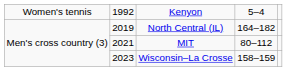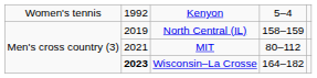 <table class="wikitable" style="border: 2px solid #">
 <tr align="center">
 <td>Women's tennis</td>
 <td>1992</td>
 <td><a href='#'>Kenyon</a></td>
 <td>5–4</td>
 <td></td>
 </tr>
 <tr align="center">
 <td rowspan="3">Men's cross country (3)</td>
 <td>2019</td>
 <td><a href='#'>North Central (IL)</a></td>
-<td>164–182</td>
+<td>158–159</td>
 <td></td>
 </tr>
 <tr align="center">
 <td>2021</td>
 <td><a href='#'>MIT</a></td>
 <td>80–112</td>
 <td></td>
 </tr>
 <tr align="center">
-<td>2023</td>
+<td><strong>2023</strong></td>
 <td><a href='#'>Wisconsin–La Crosse</a></td>
-<td>158–159</td>
+<td>164–182</td>
 <td></td>
 </tr>
 </table>
